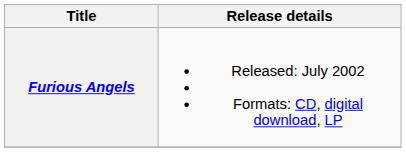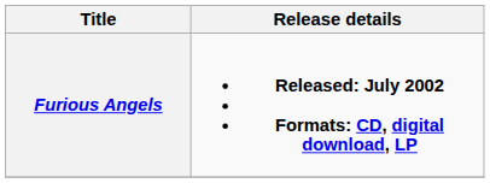 <table class="wikitable plainrowheaders" style="text-align:center;">
 <tr>
 <th scope="col" style="width:10em;">Title</th>
 <th scope="col" style="width:16em;">Release details</th>
 </tr>
 <tr>
 <th scope="row"><em><a href='#'>Furious Angels</a></em></th>
-<td><br><ul><li>Released: July 2002</li><li></li><li>Formats: <a href='#'>CD</a>, <a href='#'>digital download</a>, <a href='#'>LP</a></li></ul></td>
+<td><strong><br><ul><li>Released: July 2002</li><li></li><li>Formats: <a href='#'>CD</a>, <a href='#'>digital download</a>, <a href='#'>LP</a></li></ul></strong></td>
 </tr>
 <tr>
 </tr>
 </table>
